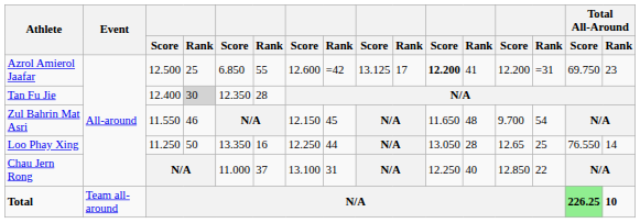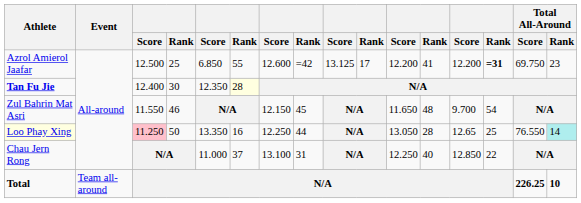 <table class="wikitable">
 <tr>
 <th rowspan="2">Athlete</th>
 <th rowspan="2">Event</th>
 <th colspan="2"></th>
 <th colspan="2"></th>
 <th colspan="2"></th>
 <th colspan="2"></th>
 <th colspan="2"></th>
 <th colspan="2"></th>
 <th colspan="2">Total<br>All-Around</th>
 </tr>
 <tr>
 <th>Score</th>
 <th>Rank</th>
 <th>Score</th>
 <th>Rank</th>
 <th>Score</th>
 <th>Rank</th>
 <th>Score</th>
 <th>Rank</th>
 <th>Score</th>
 <th>Rank</th>
 <th>Score</th>
 <th>Rank</th>
 <th>Score</th>
 <th>Rank</th>
 </tr>
 <tr>
 <td><a href='#'>Azrol Amierol Jaafar</a></td>
 <td rowspan="5"><a href='#'>All-around</a></td>
 <td>12.500</td>
 <td>25</td>
 <td>6.850</td>
 <td>55</td>
 <td>12.600</td>
 <td>=42</td>
 <td>13.125</td>
 <td>17</td>
-<td><strong>12.200</strong></td>
+<td>12.200</td>
 <td>41</td>
 <td>12.200</td>
-<td>=31</td>
+<td><strong>=31</strong></td>
 <td>69.750</td>
 <td>23</td>
 </tr>
 <tr>
-<td><a href='#'>Tan Fu Jie</a></td>
+<td><strong><a href='#'>Tan Fu Jie</a></strong></td>
 <td>12.400</td>
-<td style="background: lightgrey;">30</td>
+<td>30</td>
 <td>12.350</td>
-<td>28</td>
+<td style="background: lightyellow;">28</td>
 <th colspan="10">N/A</th>
 </tr>
 <tr>
 <td><a href='#'>Zul Bahrin Mat Asri</a></td>
 <td>11.550</td>
 <td>46</td>
 <th colspan="2">N/A</th>
 <td>12.150</td>
 <td>45</td>
 <th colspan="2">N/A</th>
 <td>11.650</td>
 <td>48</td>
 <td>9.700</td>
 <td>54</td>
 <th colspan="2">N/A</th>
 </tr>
 <tr>
-<td><a href='#'>Loo Phay Xing</a></td>
-<td>11.250</td>
+<td style="background: lightyellow;"><a href='#'>Loo Phay Xing</a></td>
+<td style="background: pink;">11.250</td>
 <td>50</td>
 <td>13.350</td>
 <td>16</td>
 <td>12.250</td>
 <td>44</td>
 <th colspan="2">N/A</th>
 <td>13.050</td>
 <td>28</td>
 <td>12.65</td>
 <td>25</td>
 <td>76.550</td>
-<td>14</td>
+<td style="background: paleturquoise;">14</td>
 </tr>
 <tr>
 <td><a href='#'>Chau Jern Rong</a></td>
 <th colspan="2">N/A</th>
 <td>11.000</td>
 <td>37</td>
 <td>13.100</td>
 <td>31</td>
 <th colspan="2">N/A</th>
 <td>12.250</td>
 <td>40</td>
 <td>12.850</td>
 <td>22</td>
 <th colspan="2">N/A</th>
 </tr>
 <tr>
 <td><strong>Total</strong></td>
 <td><a href='#'>Team all-around</a></td>
 <th colspan="12">N/A</th>
-<td style="background: lightgreen;"><strong>226.25</strong></td>
+<td><strong>226.25</strong></td>
 <td><strong>10</strong></td>
 </tr>
 </table>
